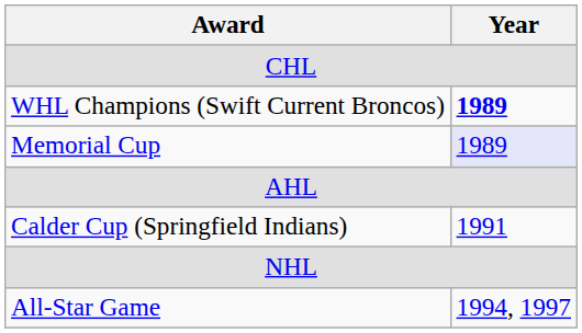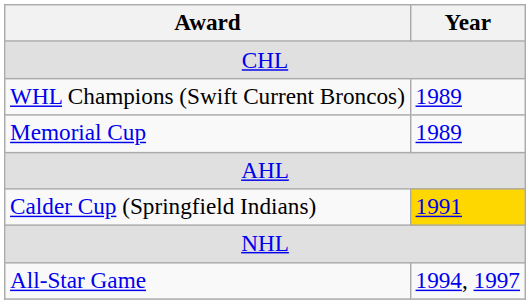 <table class="wikitable">
 <tr>
 <th>Award</th>
 <th>Year</th>
 </tr>
 <tr ALIGN="center" bgcolor="#e0e0e0">
 <td colspan="3"><a href='#'>CHL</a></td>
 </tr>
 <tr>
 <td><a href='#'>WHL</a> Champions (Swift Current Broncos)</td>
-<td><strong><a href='#'>1989</a></strong></td>
+<td><a href='#'>1989</a></td>
 </tr>
 <tr>
 <td><a href='#'>Memorial Cup</a></td>
-<td style="background: lavender;"><a href='#'>1989</a></td>
+<td><a href='#'>1989</a></td>
 </tr>
 <tr ALIGN="center" bgcolor="#e0e0e0">
 <td colspan="3"><a href='#'>AHL</a></td>
 </tr>
 <tr>
 <td><a href='#'>Calder Cup</a> (Springfield Indians)</td>
-<td><a href='#'>1991</a></td>
+<td style="background: gold;"><a href='#'>1991</a></td>
 </tr>
 <tr ALIGN="center" bgcolor="#e0e0e0">
 <td colspan="3"><a href='#'>NHL</a></td>
 </tr>
 <tr>
 <td><a href='#'>All-Star Game</a></td>
 <td><a href='#'>1994</a>, <a href='#'>1997</a></td>
 </tr>
 </table>
